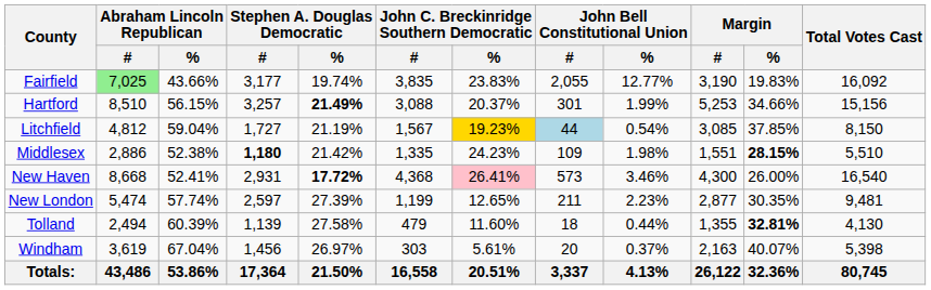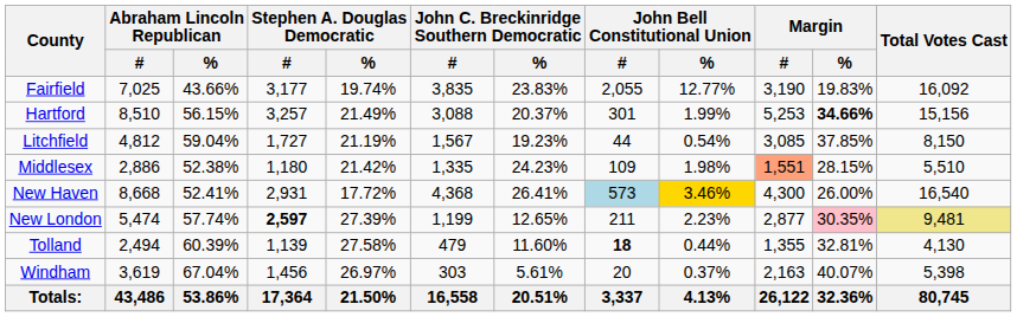 <table class="wikitable sortable">
 <tr>
 <th rowspan="2">County</th>
 <th colspan="2">Abraham Lincoln<br>Republican</th>
 <th colspan="2">Stephen A. Douglas<br>Democratic</th>
 <th colspan="2">John C. Breckinridge<br>Southern Democratic</th>
 <th colspan="2">John Bell<br>Constitutional Union</th>
 <th colspan="2">Margin</th>
 <th rowspan="2">Total Votes Cast</th>
 </tr>
 <tr>
 <th data-sort-type="number">#</th>
 <th data-sort-type="number">%</th>
 <th data-sort-type="number">#</th>
 <th data-sort-type="number">%</th>
 <th data-sort-type="number">#</th>
 <th data-sort-type="number">%</th>
 <th data-sort-type="number">#</th>
 <th data-sort-type="number">%</th>
 <th data-sort-type="number">#</th>
 <th data-sort-type="number">%</th>
 </tr>
 <tr style="text-align:center;">
 <td><a href='#'>Fairfield</a></td>
-<td style="background: lightgreen;">7,025</td>
+<td>7,025</td>
 <td>43.66%</td>
 <td>3,177</td>
 <td>19.74%</td>
 <td>3,835</td>
 <td>23.83%</td>
 <td>2,055</td>
 <td>12.77%</td>
 <td>3,190</td>
 <td>19.83%</td>
 <td>16,092</td>
 </tr>
 <tr style="text-align:center;">
 <td><a href='#'>Hartford</a></td>
 <td>8,510</td>
 <td>56.15%</td>
 <td>3,257</td>
-<td><strong>21.49%</strong></td>
+<td>21.49%</td>
 <td>3,088</td>
 <td>20.37%</td>
 <td>301</td>
 <td>1.99%</td>
 <td>5,253</td>
-<td>34.66%</td>
+<td><strong>34.66%</strong></td>
 <td>15,156</td>
 </tr>
 <tr style="text-align:center;">
 <td><a href='#'>Litchfield</a></td>
 <td>4,812</td>
 <td>59.04%</td>
 <td>1,727</td>
 <td>21.19%</td>
 <td>1,567</td>
-<td style="background: gold;">19.23%</td>
-<td style="background: lightblue;">44</td>
+<td>19.23%</td>
+<td>44</td>
 <td>0.54%</td>
 <td>3,085</td>
 <td>37.85%</td>
 <td>8,150</td>
 </tr>
 <tr style="text-align:center;">
 <td><a href='#'>Middlesex</a></td>
 <td>2,886</td>
 <td>52.38%</td>
-<td><strong>1,180</strong></td>
+<td>1,180</td>
 <td>21.42%</td>
 <td>1,335</td>
 <td>24.23%</td>
 <td>109</td>
 <td>1.98%</td>
-<td>1,551</td>
-<td><strong>28.15%</strong></td>
+<td style="background: lightsalmon;">1,551</td>
+<td>28.15%</td>
 <td>5,510</td>
 </tr>
 <tr style="text-align:center;">
 <td><a href='#'>New Haven</a></td>
 <td>8,668</td>
 <td>52.41%</td>
 <td>2,931</td>
-<td><strong>17.72%</strong></td>
+<td>17.72%</td>
 <td>4,368</td>
-<td style="background: pink;">26.41%</td>
-<td>573</td>
-<td>3.46%</td>
+<td>26.41%</td>
+<td style="background: lightblue;">573</td>
+<td style="background: gold;">3.46%</td>
 <td>4,300</td>
 <td>26.00%</td>
 <td>16,540</td>
 </tr>
 <tr style="text-align:center;">
 <td><a href='#'>New London</a></td>
 <td>5,474</td>
 <td>57.74%</td>
-<td>2,597</td>
+<td><strong>2,597</strong></td>
 <td>27.39%</td>
 <td>1,199</td>
 <td>12.65%</td>
 <td>211</td>
 <td>2.23%</td>
 <td>2,877</td>
-<td>30.35%</td>
-<td>9,481</td>
+<td style="background: pink;">30.35%</td>
+<td style="background: khaki;">9,481</td>
 </tr>
 <tr style="text-align:center;">
 <td><a href='#'>Tolland</a></td>
 <td>2,494</td>
 <td>60.39%</td>
 <td>1,139</td>
 <td>27.58%</td>
 <td>479</td>
 <td>11.60%</td>
-<td>18</td>
+<td><strong>18</strong></td>
 <td>0.44%</td>
 <td>1,355</td>
-<td><strong>32.81%</strong></td>
+<td>32.81%</td>
 <td>4,130</td>
 </tr>
 <tr style="text-align:center;">
 <td><a href='#'>Windham</a></td>
 <td>3,619</td>
 <td>67.04%</td>
 <td>1,456</td>
 <td>26.97%</td>
 <td>303</td>
 <td>5.61%</td>
 <td>20</td>
 <td>0.37%</td>
 <td>2,163</td>
 <td>40.07%</td>
 <td>5,398</td>
 </tr>
 <tr style="text-align:center;">
 <th>Totals:</th>
 <th>43,486</th>
 <th>53.86%</th>
 <th>17,364</th>
 <th>21.50%</th>
 <th>16,558</th>
 <th>20.51%</th>
 <th>3,337</th>
 <th>4.13%</th>
 <th>26,122</th>
 <th>32.36%</th>
 <th>80,745</th>
 </tr>
 </table>
